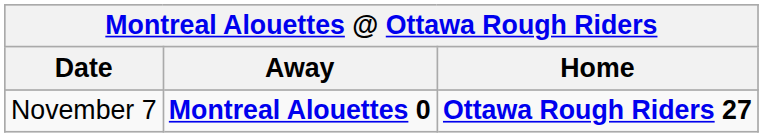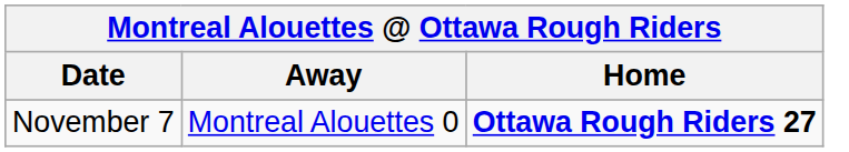 <table class="wikitable">
 <tr>
 <th colspan="3"><a href='#'>Montreal Alouettes</a> @ <a href='#'>Ottawa Rough Riders</a></th>
 </tr>
 <tr>
 <th>Date</th>
 <th>Away</th>
 <th>Home</th>
 </tr>
 <tr>
 <td>November 7</td>
-<td><strong><a href='#'>Montreal Alouettes</a> 0</strong></td>
+<td><a href='#'>Montreal Alouettes</a> 0</td>
 <td><strong><a href='#'>Ottawa Rough Riders</a> 27</strong></td>
 </tr>
 </table>
